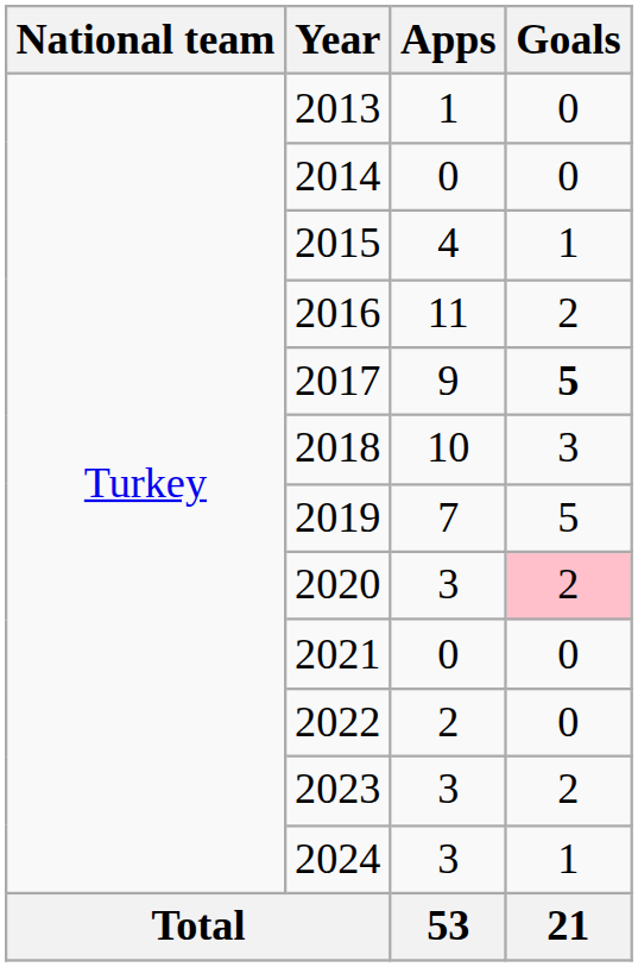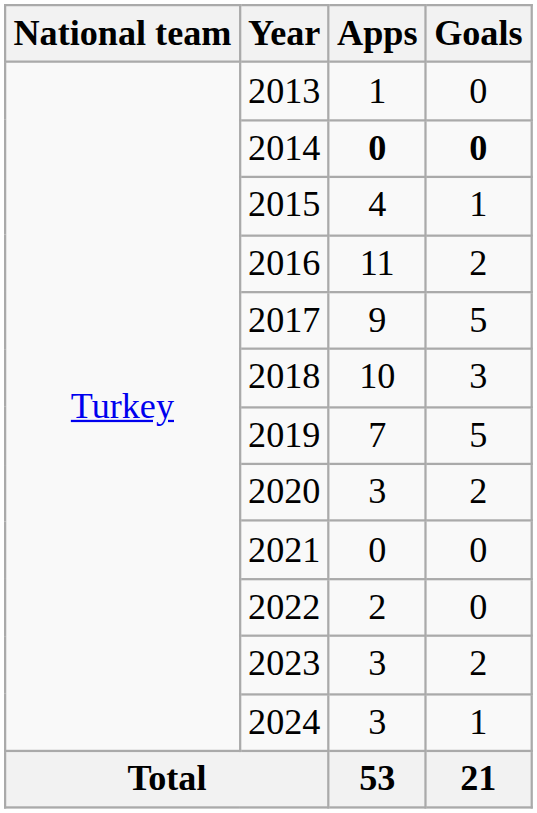 <table class="wikitable" style="text-align:center">
 <tr>
 <th>National team</th>
 <th>Year</th>
 <th>Apps</th>
 <th>Goals</th>
 </tr>
 <tr>
 <td rowspan="12"><a href='#'>Turkey</a></td>
 <td>2013</td>
 <td>1</td>
 <td>0</td>
 </tr>
 <tr>
 <td>2014</td>
-<td>0</td>
-<td>0</td>
+<td><strong>0</strong></td>
+<td><strong>0</strong></td>
 </tr>
 <tr>
 <td>2015</td>
 <td>4</td>
 <td>1</td>
 </tr>
 <tr>
 <td>2016</td>
 <td>11</td>
 <td>2</td>
 </tr>
 <tr>
 <td>2017</td>
 <td>9</td>
-<td><strong>5</strong></td>
+<td>5</td>
 </tr>
 <tr>
 <td>2018</td>
 <td>10</td>
 <td>3</td>
 </tr>
 <tr>
 <td>2019</td>
 <td>7</td>
 <td>5</td>
 </tr>
 <tr>
 <td>2020</td>
 <td>3</td>
-<td style="background: pink;">2</td>
+<td>2</td>
 </tr>
 <tr>
 <td>2021</td>
 <td>0</td>
 <td>0</td>
 </tr>
 <tr>
 <td>2022</td>
 <td>2</td>
 <td>0</td>
 </tr>
 <tr>
 <td>2023</td>
 <td>3</td>
 <td>2</td>
 </tr>
 <tr>
 <td>2024</td>
 <td>3</td>
 <td>1</td>
 </tr>
 <tr>
 <th colspan="2">Total</th>
 <th>53</th>
 <th>21</th>
 </tr>
 </table>
